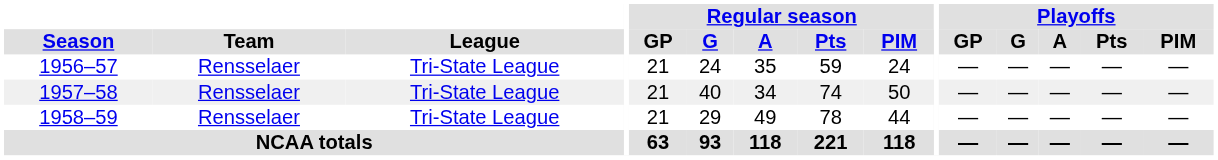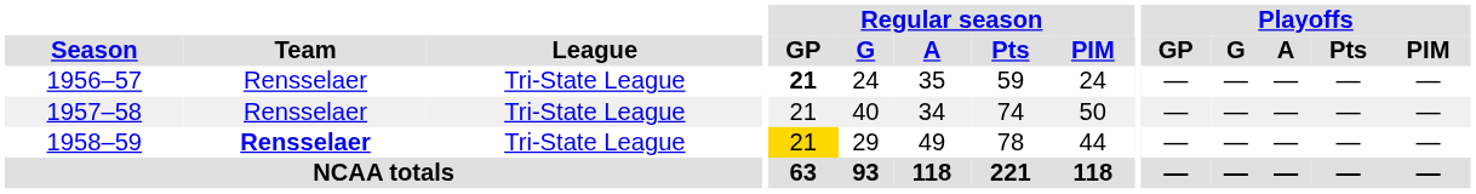 <table border="0" cellpadding="1" cellspacing="0" style="text-align:center; width:60em">
 <tr bgcolor="#e0e0e0">
 <th colspan="3" bgcolor="#ffffff"></th>
 <th rowspan="99" bgcolor="#ffffff"></th>
 <th colspan="5"><a href='#'>Regular season</a></th>
 <th rowspan="99" bgcolor="#ffffff"></th>
 <th colspan="5"><a href='#'>Playoffs</a></th>
 </tr>
 <tr bgcolor="#e0e0e0">
 <th><a href='#'>Season</a></th>
 <th>Team</th>
 <th>League</th>
 <th>GP</th>
 <th><a href='#'>G</a></th>
 <th><a href='#'>A</a></th>
 <th><a href='#'>Pts</a></th>
 <th><a href='#'>PIM</a></th>
 <th>GP</th>
 <th>G</th>
 <th>A</th>
 <th>Pts</th>
 <th>PIM</th>
 </tr>
 <tr>
 <td><a href='#'>1956–57</a></td>
 <td><a href='#'>Rensselaer</a></td>
 <td><a href='#'>Tri-State League</a></td>
-<td>21</td>
+<td><strong>21</strong></td>
 <td>24</td>
 <td>35</td>
 <td>59</td>
 <td>24</td>
 <td>—</td>
 <td>—</td>
 <td>—</td>
 <td>—</td>
 <td>—</td>
 </tr>
 <tr bgcolor="f0f0f0">
 <td><a href='#'>1957–58</a></td>
 <td><a href='#'>Rensselaer</a></td>
 <td><a href='#'>Tri-State League</a></td>
 <td>21</td>
 <td>40</td>
 <td>34</td>
 <td>74</td>
 <td>50</td>
 <td>—</td>
 <td>—</td>
 <td>—</td>
 <td>—</td>
 <td>—</td>
 </tr>
 <tr>
 <td><a href='#'>1958–59</a></td>
-<td><a href='#'>Rensselaer</a></td>
+<td><strong><a href='#'>Rensselaer</a></strong></td>
 <td><a href='#'>Tri-State League</a></td>
-<td>21</td>
+<td style="background: gold;">21</td>
 <td>29</td>
 <td>49</td>
 <td>78</td>
 <td>44</td>
 <td>—</td>
 <td>—</td>
 <td>—</td>
 <td>—</td>
 <td>—</td>
 </tr>
 <tr bgcolor="#e0e0e0">
 <th colspan="3">NCAA totals</th>
 <th>63</th>
 <th>93</th>
 <th>118</th>
 <th>221</th>
 <th>118</th>
 <th>—</th>
 <th>—</th>
 <th>—</th>
 <th>—</th>
 <th>—</th>
 </tr>
 </table>
